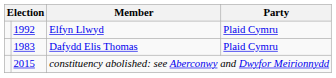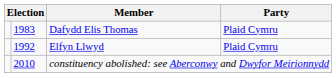 <table class="wikitable">
 <tr>
 <th colspan="2">Election</th>
 <th>Member</th>
 <th>Party</th>
 </tr>
 <tr>
 <td style="color:inherit;background-color: "></td>
+<td><a href='#'>1983</a></td>
+<td><a href='#'>Dafydd Elis Thomas</a></td>
+<td><a href='#'>Plaid Cymru</a></td>
+</tr>
+<tr>
+<td style="color:inherit;background-color: "></td>
 <td><a href='#'>1992</a></td>
 <td><a href='#'>Elfyn Llwyd</a></td>
 <td><a href='#'>Plaid Cymru</a></td>
 </tr>
 <tr>
-<td style="color:inherit;background-color: "></td>
-<td><a href='#'>1983</a></td>
-<td><a href='#'>Dafydd Elis Thomas</a></td>
-<td><a href='#'>Plaid Cymru</a></td>
-</tr>
-<tr>
 <td></td>
-<td><a href='#'>2015</a></td>
+<td><a href='#'>2010</a></td>
 <td colspan="2"><em>constituency abolished: see <a href='#'>Aberconwy</a> and <a href='#'>Dwyfor Meirionnydd</a></em></td>
 </tr>
 </table>
